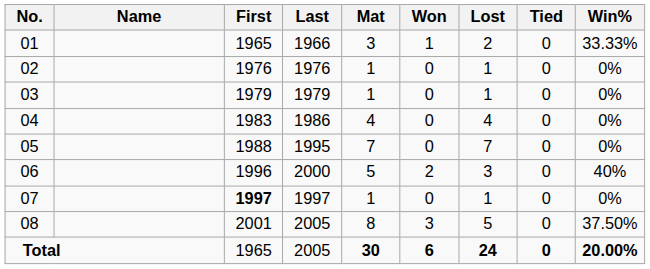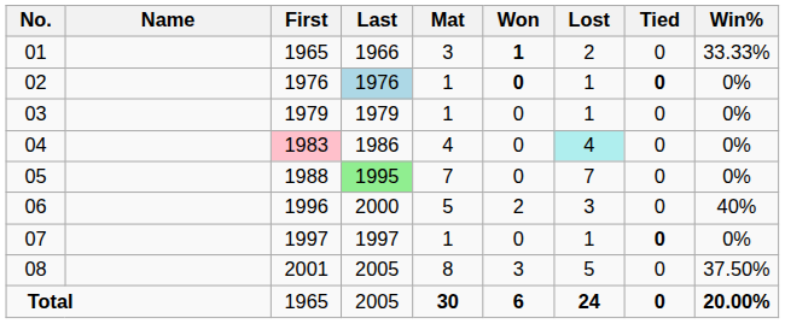 <table class="wikitable sortable sticky-header" style="margin: 1em auto 1em auto">
 <tr>
 <th width="40">No.</th>
 <th width="160">Name</th>
 <th width="50">First</th>
 <th width="50">Last</th>
 <th width="50">Mat</th>
 <th width="50">Won</th>
 <th width="50">Lost</th>
 <th width="50">Tied</th>
 <th width="60">Win%</th>
 </tr>
 <tr align=center>
 <td><span>0</span>1</td>
 <td align=left></td>
 <td>1965</td>
 <td>1966</td>
 <td>3</td>
-<td>1</td>
+<td><strong>1</strong></td>
 <td>2</td>
 <td>0</td>
 <td>33.33%</td>
 </tr>
 <tr align=center>
 <td><span>0</span>2</td>
 <td align=left></td>
 <td>1976</td>
-<td>1976</td>
+<td style="background: lightblue;">1976</td>
 <td>1</td>
-<td>0</td>
+<td><strong>0</strong></td>
 <td>1</td>
-<td>0</td>
+<td><strong>0</strong></td>
 <td>0%</td>
 </tr>
 <tr align=center>
 <td><span>0</span>3</td>
 <td align=left></td>
 <td>1979</td>
 <td>1979</td>
 <td>1</td>
 <td>0</td>
 <td>1</td>
 <td>0</td>
 <td>0%</td>
 </tr>
 <tr align=center>
 <td><span>0</span>4</td>
 <td align=left></td>
-<td>1983</td>
+<td style="background: pink;">1983</td>
 <td>1986</td>
 <td>4</td>
 <td>0</td>
-<td>4</td>
+<td style="background: paleturquoise;">4</td>
 <td>0</td>
 <td>0%</td>
 </tr>
 <tr align=center>
 <td><span>0</span>5</td>
 <td align=left></td>
 <td>1988</td>
-<td>1995</td>
+<td style="background: lightgreen;">1995</td>
 <td>7</td>
 <td>0</td>
 <td>7</td>
 <td>0</td>
 <td>0%</td>
 </tr>
 <tr align=center>
 <td><span>0</span>6</td>
 <td align=left></td>
 <td>1996</td>
 <td>2000</td>
 <td>5</td>
 <td>2</td>
 <td>3</td>
 <td>0</td>
 <td>40%</td>
 </tr>
 <tr align=center>
 <td><span>0</span>7</td>
 <td align=left></td>
-<td><strong>1997</strong></td>
+<td>1997</td>
 <td>1997</td>
 <td>1</td>
 <td>0</td>
 <td>1</td>
-<td>0</td>
+<td><strong>0</strong></td>
 <td>0%</td>
 </tr>
 <tr align=center>
 <td><span>0</span>8</td>
 <td align=left></td>
 <td>2001</td>
 <td>2005</td>
 <td>8</td>
 <td>3</td>
 <td>5</td>
 <td>0</td>
 <td>37.50%</td>
 </tr>
 <tr class="sortbottom" align=center>
 <td colspan=2 align=left><strong>   Total</strong></td>
 <td>1965</td>
 <td>2005</td>
 <td><strong>30</strong></td>
 <td><strong>6</strong></td>
 <td><strong>24</strong></td>
 <td><strong>0</strong></td>
 <td><strong>20.00%</strong></td>
 </tr>
 </table>
